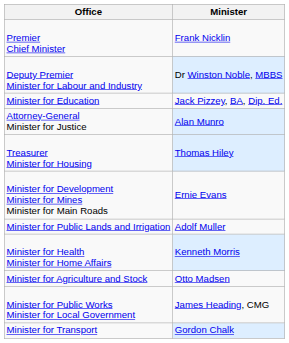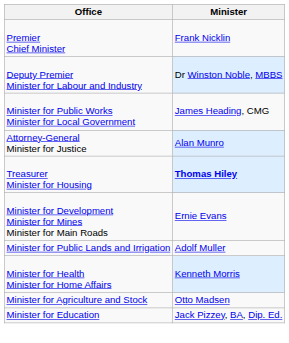 <table class="wikitable">
 <tr>
 <th>Office</th>
 <th>Minister</th>
 </tr>
 <tr>
 <td><br><a href='#'>Premier</a><br> <a href='#'>Chief Minister</a><br></td>
 <td><a href='#'>Frank Nicklin</a></td>
 </tr>
 <tr>
 <td><br><a href='#'>Deputy Premier</a><br> <a href='#'>Minister for Labour and Industry</a></td>
 <td style="background:#DDEEFF">Dr <a href='#'>Winston Noble</a>, <a href='#'>MBBS</a></td>
 </tr>
 <tr>
-<td><a href='#'>Minister for Education</a></td>
-<td><a href='#'>Jack Pizzey</a>, <a href='#'>BA</a>, <a href='#'>Dip. Ed.</a></td>
+<td><br><a href='#'>Minister for Public Works</a><br> <a href='#'>Minister for Local Government</a><br></td>
+<td><a href='#'>James Heading</a>, CMG</td>
 </tr>
 <tr>
 <td><a href='#'>Attorney-General</a><br>Minister for Justice</td>
 <td style="background:#DDEEFF"><a href='#'>Alan Munro</a></td>
 </tr>
 <tr>
 <td><br><a href='#'>Treasurer</a><br> <a href='#'>Minister for Housing</a><br></td>
-<td style="background:#DDEEFF"><a href='#'>Thomas Hiley</a></td>
+<td style="background:#DDEEFF"><strong><a href='#'>Thomas Hiley</a></strong></td>
 </tr>
 <tr>
 <td><br><a href='#'>Minister for Development</a><br> <a href='#'>Minister for Mines</a><br> Minister for Main Roads</td>
 <td><a href='#'>Ernie Evans</a></td>
 </tr>
 <tr>
 <td><a href='#'>Minister for Public Lands and Irrigation</a></td>
 <td><a href='#'>Adolf Muller</a></td>
 </tr>
 <tr>
 <td><br><a href='#'>Minister for Health</a><br> <a href='#'>Minister for Home Affairs</a></td>
 <td style="background:#DDEEFF"><a href='#'>Kenneth Morris</a></td>
 </tr>
 <tr>
 <td><a href='#'>Minister for Agriculture and Stock</a></td>
 <td><a href='#'>Otto Madsen</a></td>
 </tr>
 <tr>
-<td><br><a href='#'>Minister for Public Works</a><br> <a href='#'>Minister for Local Government</a><br></td>
-<td><a href='#'>James Heading</a>, CMG</td>
-</tr>
-<tr>
-<td><a href='#'>Minister for Transport</a></td>
-<td style="background:#DDEEFF"><a href='#'>Gordon Chalk</a></td>
+<td><a href='#'>Minister for Education</a></td>
+<td><a href='#'>Jack Pizzey</a>, <a href='#'>BA</a>, <a href='#'>Dip. Ed.</a></td>
 </tr>
 </table>
